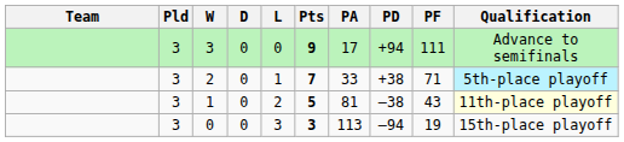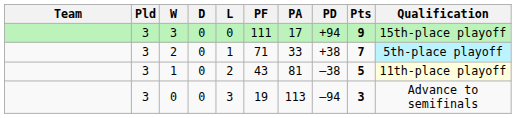 <table class="wikitable" style="text-align:center;">
 <tr>
 <th width=135>Team</th>
 <th width=25 abbr="Played">Pld</th>
 <th width=25 abbr="Won">W</th>
 <th width=25 abbr="Drawn">D</th>
 <th width=25 abbr="Lost">L</th>
-<th width=25 abbr="Points">Pts</th>
+<th width=32 abbr="Points for">PF</th>
 <th width=32 abbr="Points against">PA</th>
 <th width=32 abbr="Points difference">PD</th>
-<th width=32 abbr="Points for">PF</th>
+<th width=25 abbr="Points">Pts</th>
 <th width=145>Qualification</th>
 </tr>
 <tr style="background:#BBF3BB;">
 <td align=left></td>
 <td>3</td>
 <td>3</td>
 <td>0</td>
 <td>0</td>
-<td><strong>9</strong></td>
+<td>111</td>
 <td>17</td>
 <td>+94</td>
-<td>111</td>
-<td>Advance to semifinals</td>
+<td><strong>9</strong></td>
+<td>15th-place playoff</td>
 </tr>
 <tr>
 <td align=left></td>
 <td>3</td>
 <td>2</td>
 <td>0</td>
 <td>1</td>
-<td><strong>7</strong></td>
+<td>71</td>
 <td>33</td>
 <td>+38</td>
-<td>71</td>
+<td><strong>7</strong></td>
 <td style="background:#BBF3FF;">5th-place playoff</td>
 </tr>
 <tr>
 <td align=left></td>
 <td>3</td>
 <td>1</td>
 <td>0</td>
 <td>2</td>
-<td><strong>5</strong></td>
+<td>43</td>
 <td>81</td>
 <td>–38</td>
-<td>43</td>
+<td><strong>5</strong></td>
 <td style="background:#FFFFDD;">11th-place playoff</td>
 </tr>
 <tr>
 <td align=left></td>
 <td>3</td>
 <td>0</td>
 <td>0</td>
 <td>3</td>
-<td><strong>3</strong></td>
+<td>19</td>
 <td>113</td>
 <td>–94</td>
-<td>19</td>
-<td>15th-place playoff</td>
+<td><strong>3</strong></td>
+<td>Advance to semifinals</td>
 </tr>
 </table>
